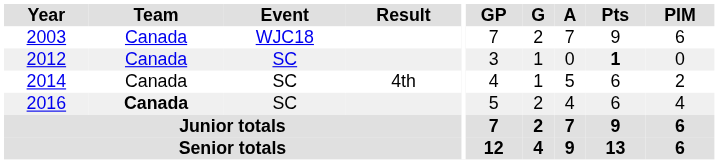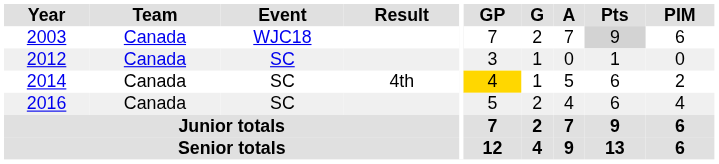 <table border="0" cellpadding="1" cellspacing="0" ID="Table3" style="text-align:center; width:40em">
 <tr ALIGN="center" bgcolor="#e0e0e0">
 <th>Year</th>
 <th>Team</th>
 <th>Event</th>
 <th>Result</th>
 <th rowspan="99" bgcolor="#ffffff"></th>
 <th>GP</th>
 <th>G</th>
 <th>A</th>
 <th>Pts</th>
 <th>PIM</th>
 </tr>
 <tr>
 <td><a href='#'>2003</a></td>
 <td><a href='#'>Canada</a></td>
 <td><a href='#'>WJC18</a></td>
 <td></td>
 <td>7</td>
 <td>2</td>
 <td>7</td>
-<td>9</td>
+<td style="background: lightgrey;">9</td>
 <td>6</td>
 </tr>
 <tr bgcolor="#f0f0f0">
 <td><a href='#'>2012</a></td>
 <td><a href='#'>Canada</a></td>
 <td><a href='#'>SC</a></td>
 <td></td>
 <td>3</td>
 <td>1</td>
 <td>0</td>
-<td><strong>1</strong></td>
+<td>1</td>
 <td>0</td>
 </tr>
 <tr>
 <td><a href='#'>2014</a></td>
 <td>Canada</td>
 <td>SC</td>
 <td>4th</td>
-<td>4</td>
+<td style="background: gold;">4</td>
 <td>1</td>
 <td>5</td>
 <td>6</td>
 <td>2</td>
 </tr>
 <tr bgcolor="#f0f0f0">
 <td><a href='#'>2016</a></td>
-<td><strong>Canada</strong></td>
+<td>Canada</td>
 <td>SC</td>
 <td></td>
 <td>5</td>
 <td>2</td>
 <td>4</td>
 <td>6</td>
 <td>4</td>
 </tr>
 <tr bgcolor="#e0e0e0">
 <th colspan="4">Junior totals</th>
 <th>7</th>
 <th>2</th>
 <th>7</th>
 <th>9</th>
 <th>6</th>
 </tr>
 <tr bgcolor="#e0e0e0">
 <th colspan="4">Senior totals</th>
 <th>12</th>
 <th>4</th>
 <th>9</th>
 <th>13</th>
 <th>6</th>
 </tr>
 </table>
